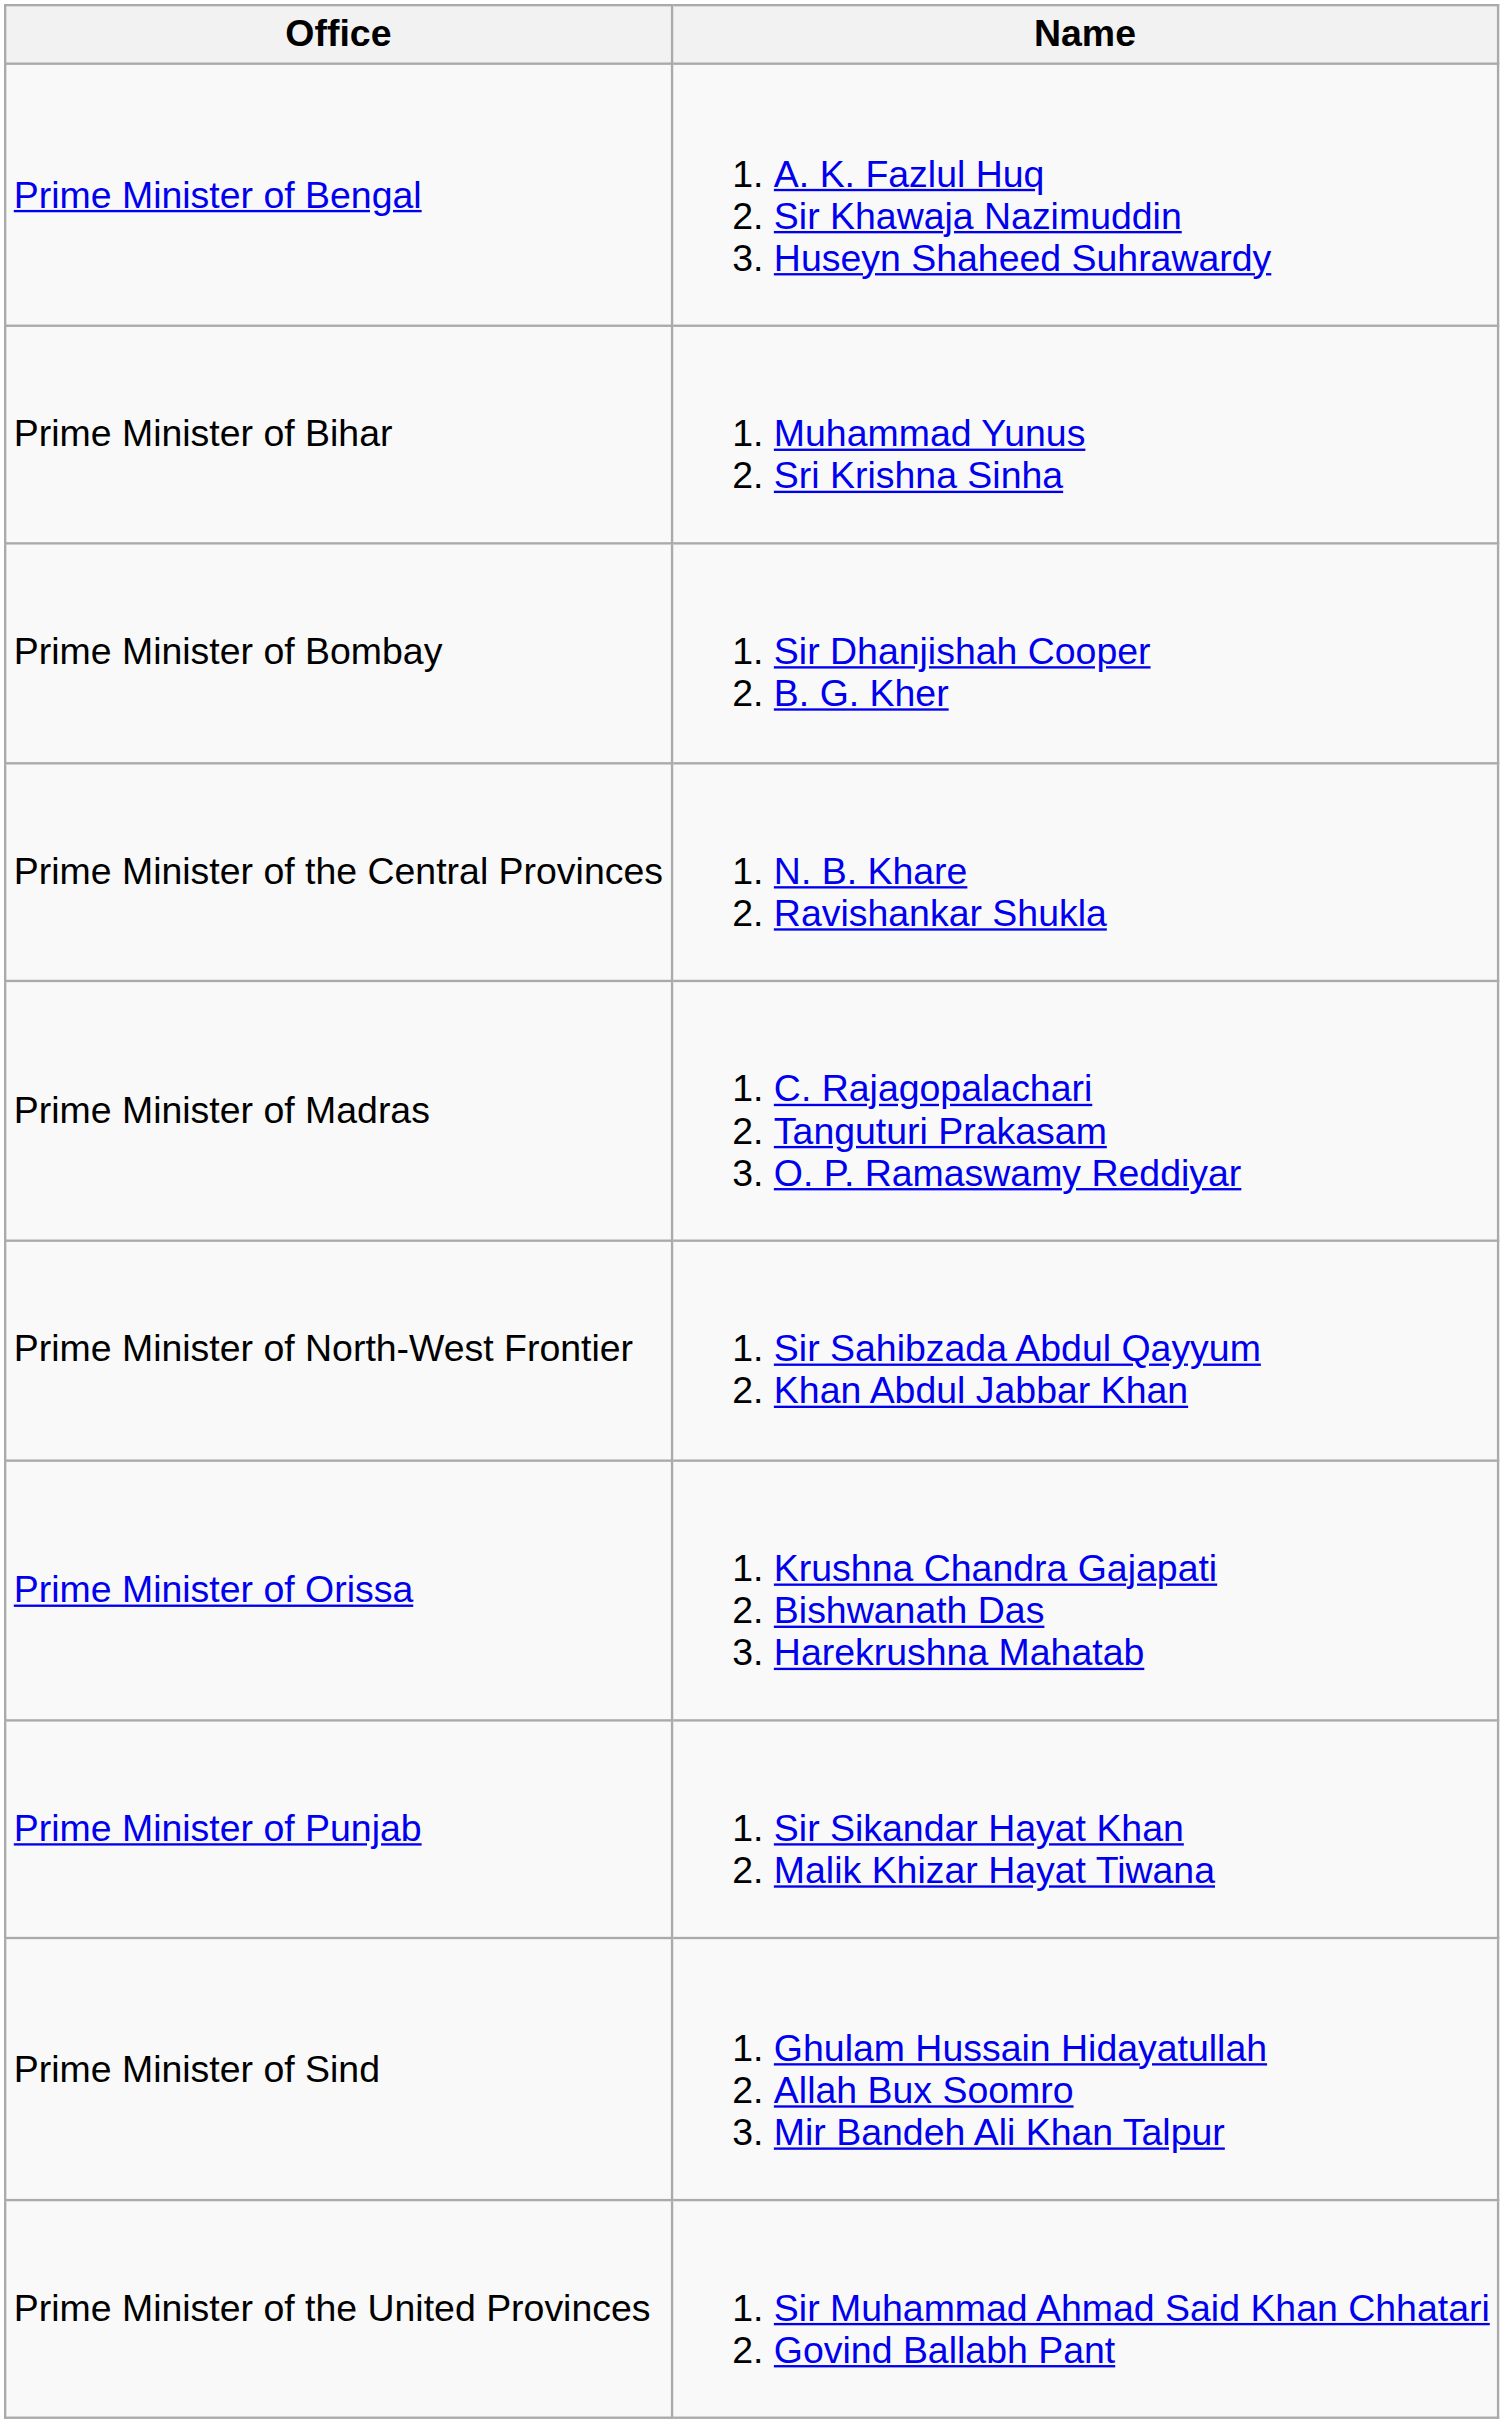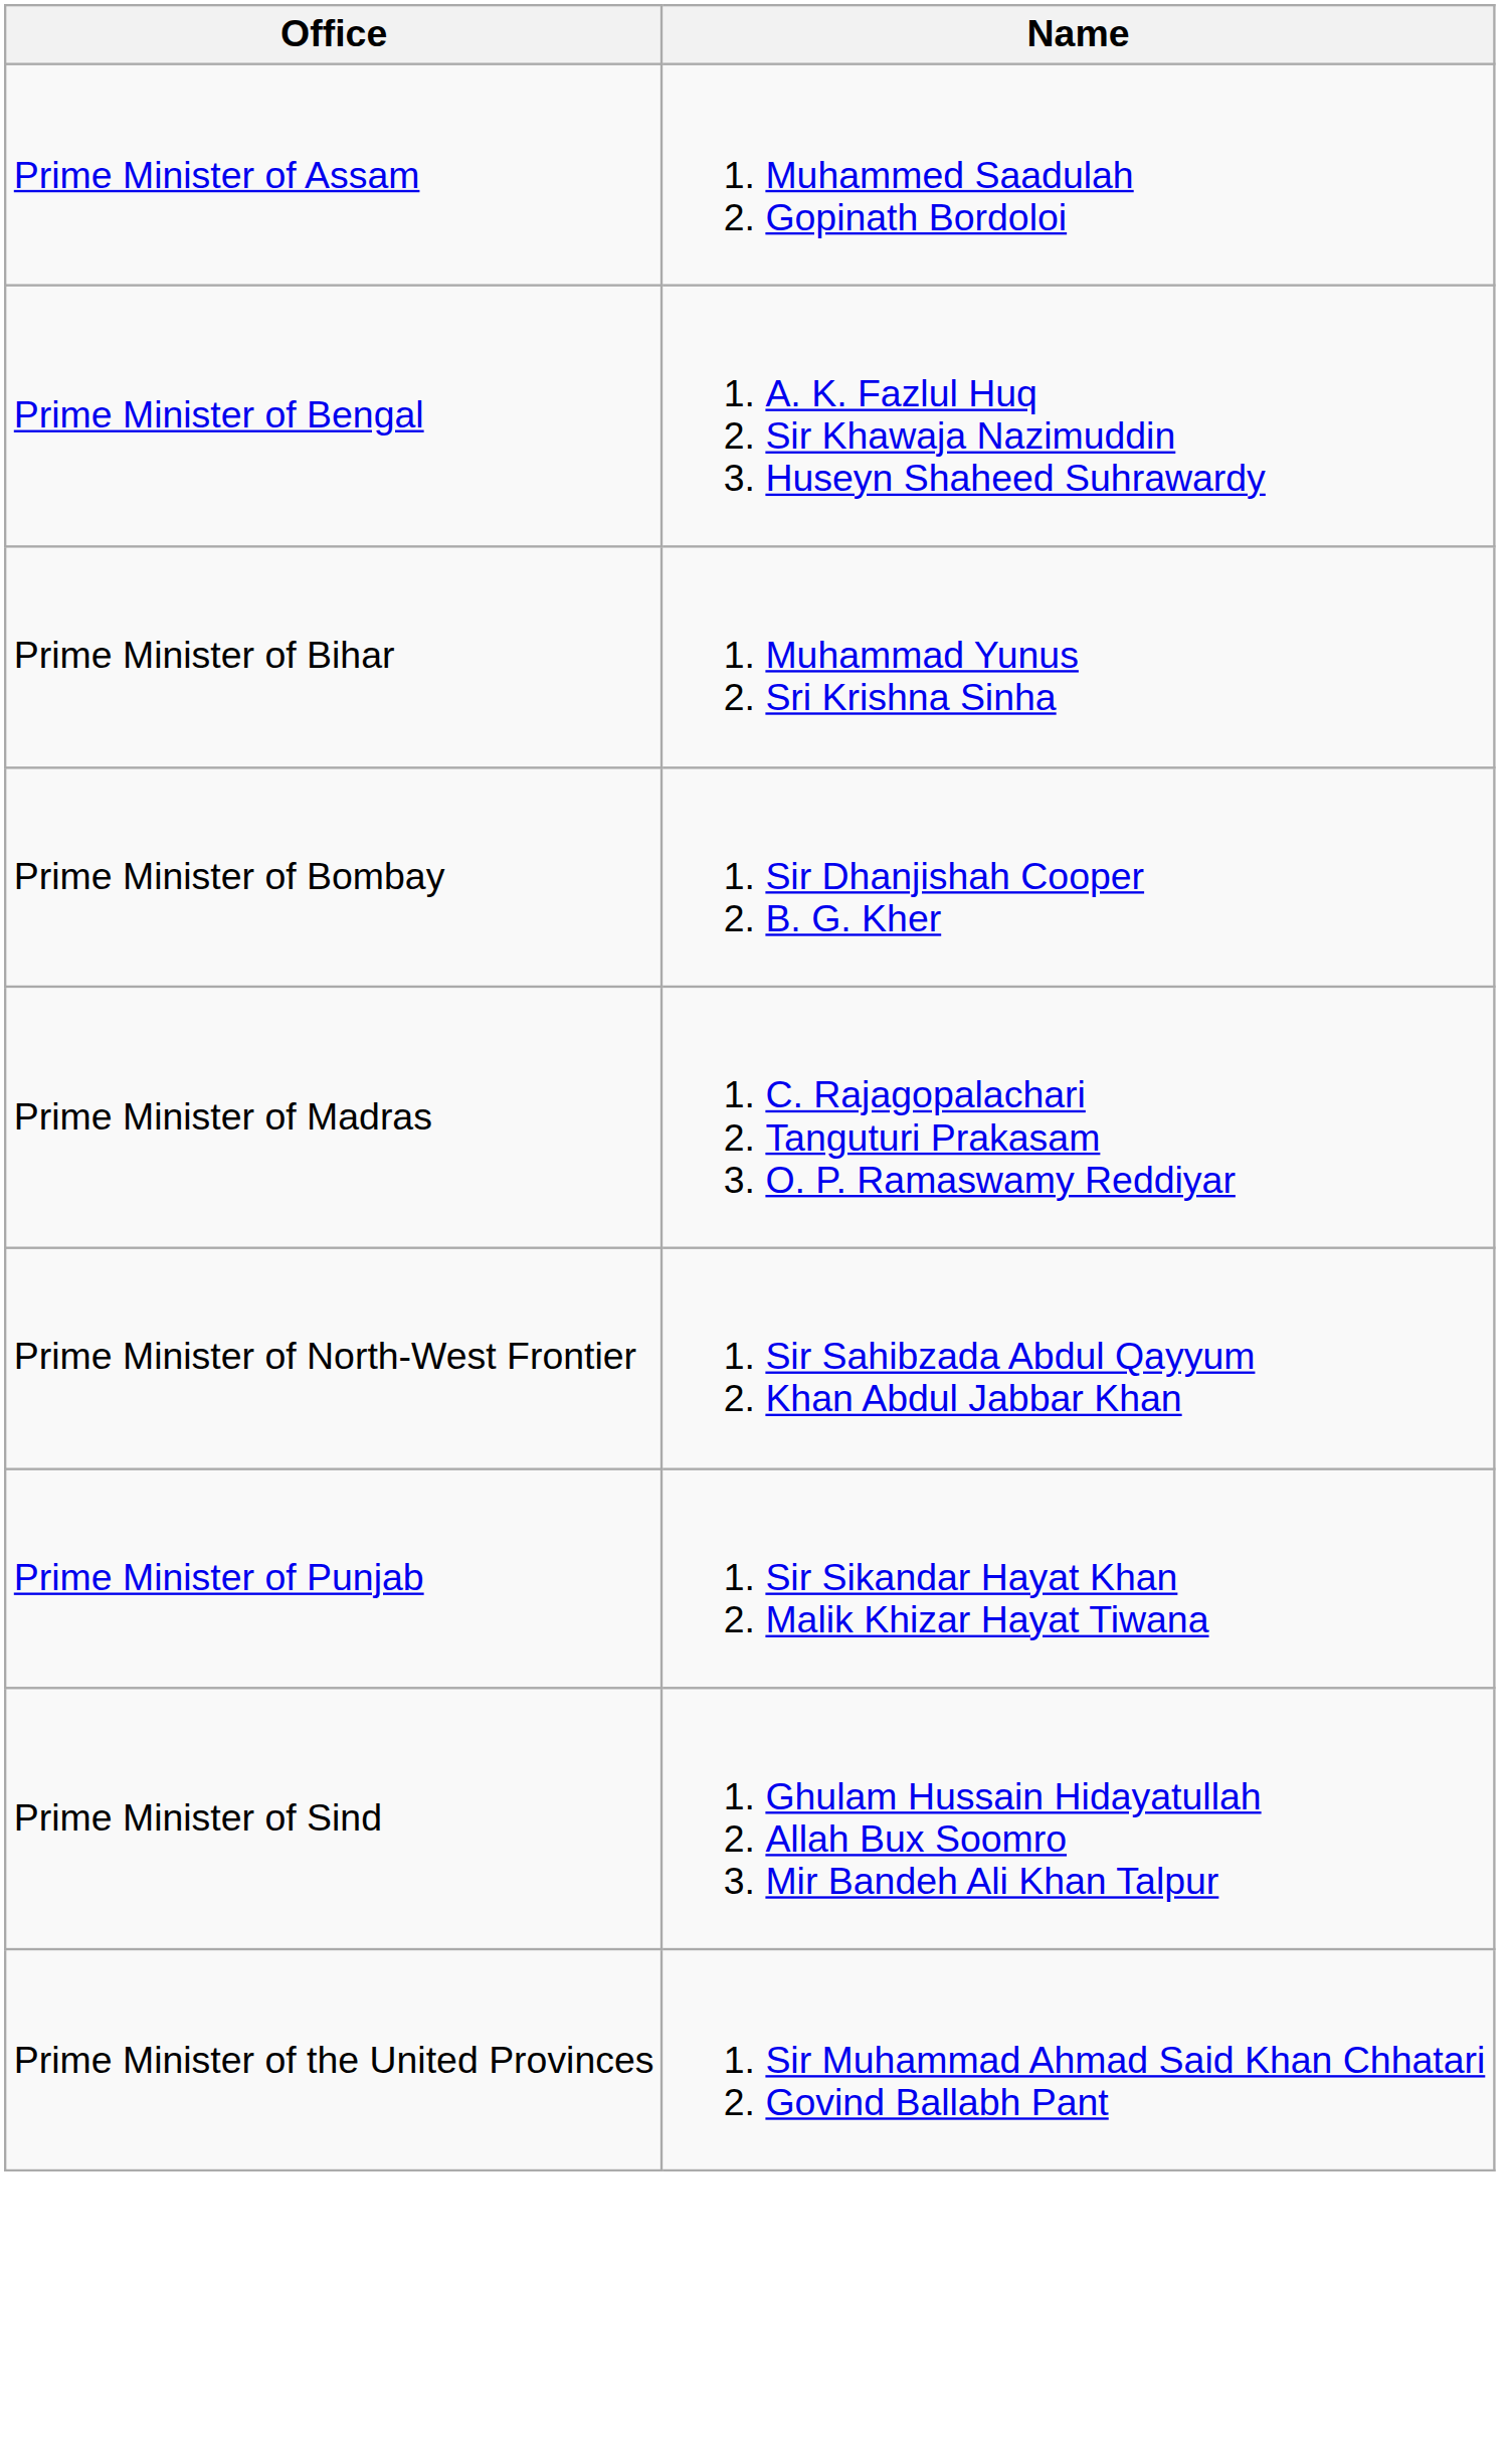 <table class="wikitable sortable">
 <tr>
 <th>Office</th>
 <th>Name</th>
+</tr>
+<tr>
+<td><a href='#'>Prime Minister of Assam</a></td>
+<td><br><ol><li><a href='#'>Muhammed Saadulah</a></li><li><a href='#'>Gopinath Bordoloi</a></li></ol></td>
 </tr>
 <tr>
 <td><a href='#'>Prime Minister of Bengal</a></td>
 <td><br><ol><li><a href='#'>A. K. Fazlul Huq</a></li><li><a href='#'>Sir Khawaja Nazimuddin</a></li><li><a href='#'>Huseyn Shaheed Suhrawardy</a></li></ol></td>
 </tr>
 <tr>
 <td>Prime Minister of Bihar</td>
 <td><br><ol><li><a href='#'>Muhammad Yunus</a></li><li><a href='#'>Sri Krishna Sinha</a></li></ol></td>
 </tr>
 <tr>
 <td>Prime Minister of Bombay</td>
 <td><br><ol><li><a href='#'>Sir Dhanjishah Cooper</a></li><li><a href='#'>B. G. Kher</a></li></ol></td>
 </tr>
 <tr>
-<td>Prime Minister of the Central Provinces</td>
-<td><br><ol><li><a href='#'>N. B. Khare</a></li><li><a href='#'>Ravishankar Shukla</a></li></ol></td>
-</tr>
-<tr>
 <td>Prime Minister of Madras</td>
 <td><br><ol><li><a href='#'>C. Rajagopalachari</a></li><li><a href='#'>Tanguturi Prakasam</a></li><li><a href='#'>O. P. Ramaswamy Reddiyar</a></li></ol></td>
 </tr>
 <tr>
 <td>Prime Minister of North-West Frontier</td>
 <td><br><ol><li><a href='#'>Sir Sahibzada Abdul Qayyum</a></li><li><a href='#'>Khan Abdul Jabbar Khan</a></li></ol></td>
-</tr>
-<tr>
-<td><a href='#'>Prime Minister of Orissa</a></td>
-<td><br><ol><li><a href='#'>Krushna Chandra Gajapati</a></li><li><a href='#'>Bishwanath Das</a></li><li><a href='#'>Harekrushna Mahatab</a></li></ol></td>
 </tr>
 <tr>
 <td><a href='#'>Prime Minister of Punjab</a></td>
 <td><br><ol><li><a href='#'>Sir Sikandar Hayat Khan</a></li><li><a href='#'>Malik Khizar Hayat Tiwana</a></li></ol></td>
 </tr>
 <tr>
 <td>Prime Minister of Sind</td>
 <td><br><ol><li><a href='#'>Ghulam Hussain Hidayatullah</a></li><li><a href='#'>Allah Bux Soomro</a></li><li><a href='#'>Mir Bandeh Ali Khan Talpur</a></li></ol></td>
 </tr>
 <tr>
 <td>Prime Minister of the United Provinces</td>
 <td><br><ol><li><a href='#'>Sir Muhammad Ahmad Said Khan Chhatari</a></li><li><a href='#'>Govind Ballabh Pant</a></li></ol></td>
 </tr>
 </table>
